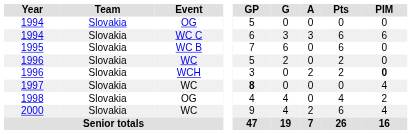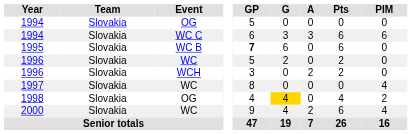 <table border="0" cellpadding="1" cellspacing="0" style="text-align:center; width:40em">
 <tr ALIGN="center" bgcolor="#e0e0e0">
 <th>Year</th>
 <th>Team</th>
 <th>Event</th>
 <th rowspan="99" bgcolor="#ffffff"> </th>
 <th>GP</th>
 <th>G</th>
 <th>A</th>
 <th>Pts</th>
 <th>PIM</th>
 </tr>
 <tr>
 <td><a href='#'>1994</a></td>
 <td><a href='#'>Slovakia</a></td>
 <td><a href='#'>OG</a></td>
 <td>5</td>
 <td>0</td>
 <td>0</td>
 <td>0</td>
 <td>0</td>
 </tr>
 <tr bgcolor="#f0f0f0">
 <td><a href='#'>1994</a></td>
 <td>Slovakia</td>
 <td><a href='#'>WC C</a></td>
 <td>6</td>
 <td>3</td>
 <td>3</td>
 <td>6</td>
 <td>6</td>
 </tr>
 <tr>
 <td><a href='#'>1995</a></td>
 <td>Slovakia</td>
 <td><a href='#'>WC B</a></td>
-<td>7</td>
+<td><strong>7</strong></td>
 <td>6</td>
 <td>0</td>
 <td>6</td>
 <td>0</td>
 </tr>
 <tr bgcolor="#f0f0f0">
 <td><a href='#'>1996</a></td>
 <td>Slovakia</td>
 <td><a href='#'>WC</a></td>
 <td>5</td>
 <td>2</td>
 <td>0</td>
 <td>2</td>
 <td>0</td>
 </tr>
 <tr>
 <td><a href='#'>1996</a></td>
 <td>Slovakia</td>
 <td><a href='#'>WCH</a></td>
 <td>3</td>
 <td>0</td>
 <td>2</td>
 <td>2</td>
-<td><strong>0</strong></td>
+<td>0</td>
 </tr>
 <tr bgcolor="#f0f0f0">
 <td><a href='#'>1997</a></td>
 <td>Slovakia</td>
 <td>WC</td>
-<td><strong>8</strong></td>
+<td>8</td>
 <td>0</td>
 <td>0</td>
 <td>0</td>
 <td>4</td>
 </tr>
 <tr>
 <td><a href='#'>1998</a></td>
 <td>Slovakia</td>
 <td>OG</td>
 <td>4</td>
-<td>4</td>
+<td style="background: gold;">4</td>
 <td>0</td>
 <td>4</td>
 <td>2</td>
 </tr>
 <tr bgcolor="#f0f0f0">
 <td><a href='#'>2000</a></td>
 <td>Slovakia</td>
 <td>WC</td>
 <td>9</td>
 <td>4</td>
 <td>2</td>
 <td>6</td>
 <td>4</td>
 </tr>
 <tr bgcolor="#e0e0e0">
 <th colspan=3>Senior totals</th>
 <th>47</th>
 <th>19</th>
 <th>7</th>
 <th>26</th>
 <th>16</th>
 </tr>
 </table>
